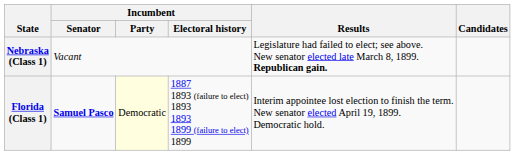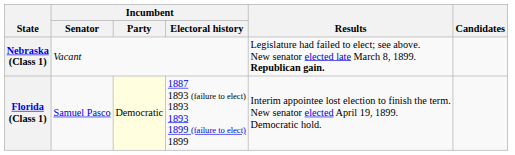 <table class=wikitable>
 <tr valign=bottom>
 <th rowspan=2>State</th>
 <th colspan=3>Incumbent</th>
 <th rowspan=2>Results</th>
 <th rowspan=2>Candidates</th>
 </tr>
 <tr valign=bottom>
 <th>Senator</th>
 <th>Party</th>
 <th>Electoral history</th>
 </tr>
 <tr>
 <th><a href='#'>Nebraska</a><br>(Class 1)</th>
 <td colspan=3><em>Vacant</em></td>
 <td>Legislature had failed to elect; see above.<br>New senator <a href='#'>elected late</a> March 8, 1899.<br><strong>Republican gain.</strong></td>
 <td nowrap></td>
 </tr>
 <tr>
 <th><a href='#'>Florida</a><br>(Class 1)</th>
-<td><strong><a href='#'>Samuel Pasco</a></strong></td>
+<td><a href='#'>Samuel Pasco</a></td>
 <td style="background: lightyellow;">Democratic</td>
 <td><a href='#'>1887</a><br>1893 <small>(failure to elect)</small><br>1893 <br><a href='#'>1893 </a><br><a href='#'>1899 <small>(failure to elect)</small></a><br>1899 </td>
 <td>Interim appointee lost election to finish the term.<br>New senator <a href='#'>elected</a> April 19, 1899.<br>Democratic hold.</td>
 <td nowrap></td>
 </tr>
 </table>
